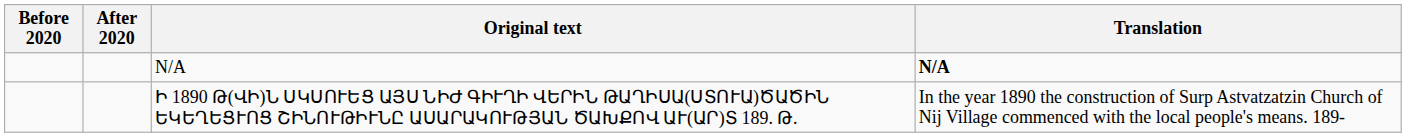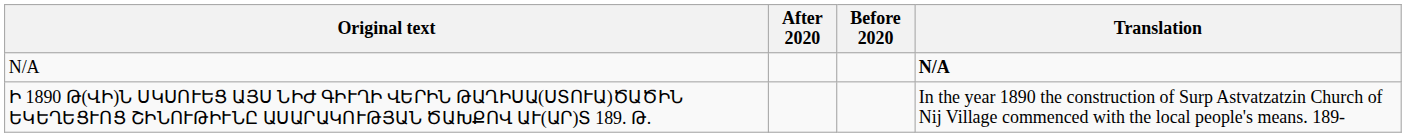 <table class="wikitable">
 <tr>
+<th>Original text</th>
+<th>After 2020</th>
 <th>Before 2020</th>
-<th>After 2020</th>
-<th>Original text</th>
 <th>Translation</th>
 </tr>
 <tr>
+<td>N/A</td>
 <td></td>
 <td></td>
-<td>N/A</td>
 <td><strong>N/A</strong></td>
 </tr>
 <tr>
+<td>Ի 1890 Թ(ՎԻ)Ն ՍԿՍՈՒԵՑ ԱՅՍ ՆԻԺ ԳԻՒՂԻ ՎԵՐԻՆ ԹԱՂԻՍԱ(ՍՏՈՒԱ)ԾԱԾԻՆ ԵԿԵՂԵՑՒՈՑ ՇԻՆՈՒԹԻՒՆԸ ԱՍԱՐԱԿՈՒԹՅԱՆ ԾԱԽՔՈՎ ԱՒ(ԱՐ)Տ 189. Թ.</td>
 <td></td>
 <td></td>
-<td>Ի 1890 Թ(ՎԻ)Ն ՍԿՍՈՒԵՑ ԱՅՍ ՆԻԺ ԳԻՒՂԻ ՎԵՐԻՆ ԹԱՂԻՍԱ(ՍՏՈՒԱ)ԾԱԾԻՆ ԵԿԵՂԵՑՒՈՑ ՇԻՆՈՒԹԻՒՆԸ ԱՍԱՐԱԿՈՒԹՅԱՆ ԾԱԽՔՈՎ ԱՒ(ԱՐ)Տ 189. Թ.</td>
 <td>In the year 1890 the construction of Surp Astvatzatzin Church of Nij Village commenced with the local people's means. 189-</td>
 </tr>
 </table>
